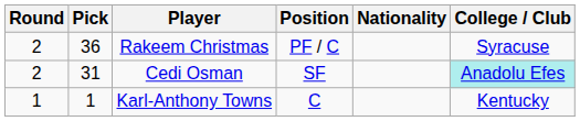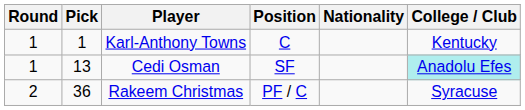 <table class="wikitable sortable sortable">
 <tr>
 <th>Round</th>
 <th>Pick</th>
 <th>Player</th>
 <th>Position</th>
 <th>Nationality</th>
 <th>College / Club</th>
 </tr>
 <tr style="text-align: center">
+<td>1</td>
+<td>1</td>
+<td><a href='#'>Karl-Anthony Towns</a></td>
+<td><a href='#'>C</a></td>
+<td></td>
+<td><a href='#'>Kentucky</a></td>
+</tr>
+<tr style="text-align: center">
+<td>1</td>
+<td>13</td>
+<td><a href='#'>Cedi Osman</a></td>
+<td><a href='#'>SF</a></td>
+<td></td>
+<td style="background: paleturquoise;"><a href='#'>Anadolu Efes</a></td>
+</tr>
+<tr style="text-align: center">
 <td>2</td>
 <td>36</td>
 <td><a href='#'>Rakeem Christmas</a></td>
 <td><a href='#'>PF</a> / <a href='#'>C</a></td>
 <td></td>
 <td><a href='#'>Syracuse</a></td>
 </tr>
-<tr style="text-align: center">
-<td>2</td>
-<td>31</td>
-<td><a href='#'>Cedi Osman</a></td>
-<td><a href='#'>SF</a></td>
-<td></td>
-<td style="background: paleturquoise;"><a href='#'>Anadolu Efes</a></td>
-</tr>
-<tr style="text-align: center">
-<td>1</td>
-<td>1</td>
-<td><a href='#'>Karl-Anthony Towns</a></td>
-<td><a href='#'>C</a></td>
-<td></td>
-<td><a href='#'>Kentucky</a></td>
-</tr>
 </table>
